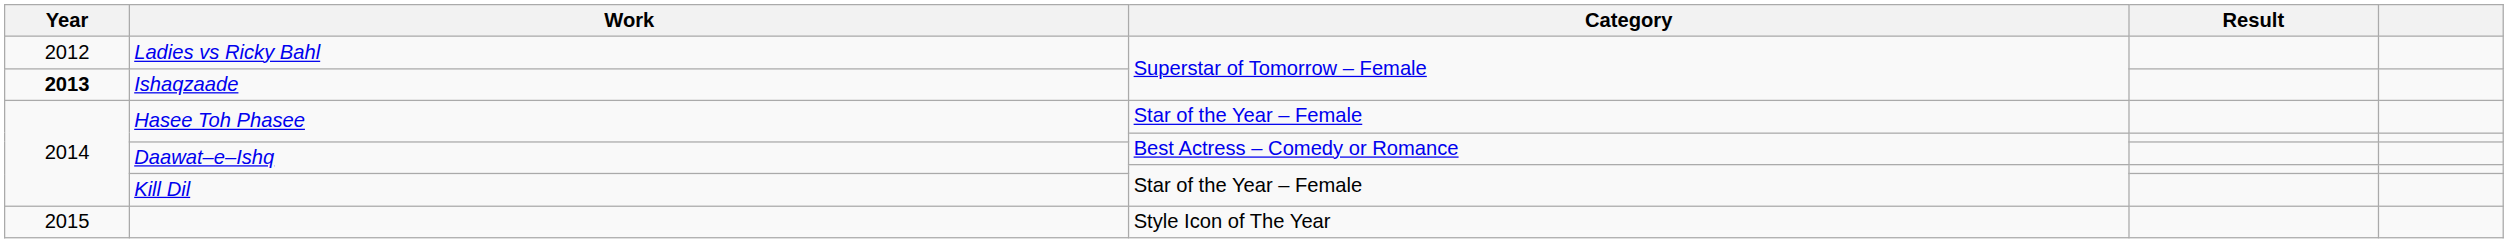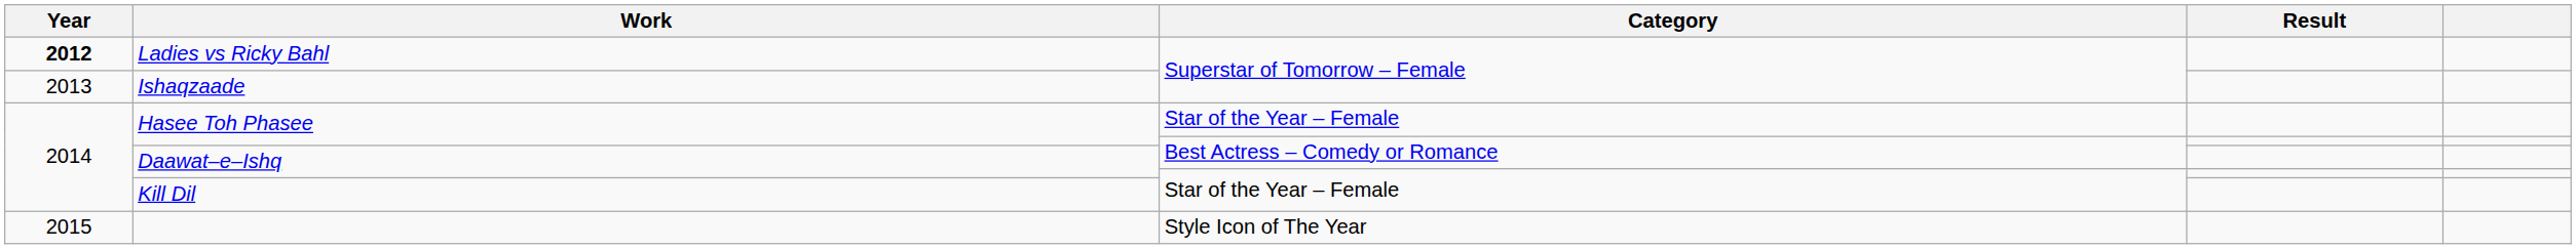 <table class="wikitable" style="width:100%;">
 <tr>
 <th width=5%>Year</th>
 <th style="width:40%;">Work</th>
 <th style="width:40%;">Category</th>
 <th style="width:10%;">Result</th>
 <th width=5%></th>
 </tr>
 <tr>
-<td style="text-align:center;">2012</td>
+<td style="text-align:center;"><strong>2012</strong></td>
 <td style="text-align:left;"><em><a href='#'>Ladies vs Ricky Bahl</a></em></td>
 <td rowspan="2"><a href='#'>Superstar of Tomorrow – Female</a></td>
 <td></td>
 <td style="text-align:center;"></td>
 </tr>
 <tr>
-<td style="text-align:center;"><strong>2013</strong></td>
+<td style="text-align:center;">2013</td>
 <td style="text-align:left;"><em><a href='#'>Ishaqzaade</a></em></td>
 <td></td>
 <td style="text-align:center;"></td>
 </tr>
 <tr>
 <td rowspan="5" style="text-align:center;">2014</td>
 <td rowspan="2" style="text-align:left;"><em><a href='#'>Hasee Toh Phasee</a></em></td>
 <td><a href='#'>Star of the Year – Female</a></td>
 <td></td>
 <td style="text-align:center;"></td>
 </tr>
 <tr>
 <td rowspan="2"><a href='#'>Best Actress – Comedy or Romance</a></td>
 <td></td>
 <td style="text-align:center;"></td>
 </tr>
 <tr>
 <td rowspan='2' style="text-align:left;"><em><a href='#'>Daawat–e–Ishq</a></em></td>
 <td></td>
 <td style="text-align:center;"></td>
 </tr>
 <tr>
 <td rowspan="2">Star of the Year – Female</td>
 <td></td>
 <td style="text-align:center;"></td>
 </tr>
 <tr>
 <td style="text-align:left;"><em><a href='#'>Kill Dil</a></em></td>
 <td></td>
 <td style="text-align:center;"></td>
 </tr>
 <tr>
 <td style="text-align:center;">2015</td>
 <td></td>
 <td>Style Icon of The Year</td>
 <td></td>
 <td style="text-align:center;"></td>
 </tr>
 </table>
